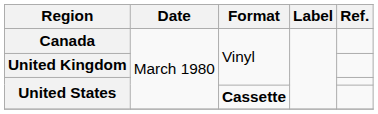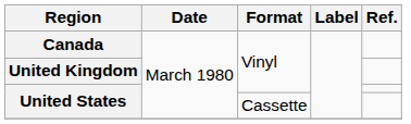 <table class="wikitable plainrowheaders">
 <tr>
 <th scope="col">Region</th>
 <th scope="col">Date</th>
 <th scope="col">Format</th>
 <th scope="col">Label</th>
 <th scope="col">Ref.</th>
 </tr>
 <tr>
 <th scope="row">Canada</th>
 <td rowspan="4">March 1980</td>
 <td rowspan="3">Vinyl</td>
 <td rowspan="4"></td>
 <td></td>
 </tr>
 <tr>
 <th scope="row">United Kingdom</th>
 <td></td>
 </tr>
 <tr>
 <th scope="row" rowspan="2">United States</th>
 <td></td>
 </tr>
 <tr>
-<td><strong>Cassette</strong></td>
+<td>Cassette</td>
 <td></td>
 </tr>
 <tr>
 </tr>
 </table>
